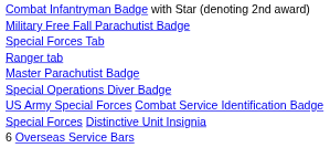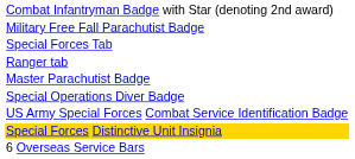 <table>
 <tr>
 <td> <a href='#'>Combat Infantryman Badge</a> with Star (denoting 2nd award)</td>
 </tr>
 <tr>
 <td> <a href='#'>Military Free Fall Parachutist Badge</a></td>
 </tr>
 <tr>
 <td> <a href='#'>Special Forces Tab</a></td>
 </tr>
 <tr>
 <td> <a href='#'>Ranger tab</a></td>
 </tr>
 <tr>
 <td> <a href='#'>Master Parachutist Badge</a></td>
 </tr>
 <tr>
 <td> <a href='#'>Special Operations Diver Badge</a></td>
 </tr>
 <tr>
 <td> <a href='#'>US Army Special Forces</a> <a href='#'>Combat Service Identification Badge</a></td>
 </tr>
 <tr>
-<td> <a href='#'>Special Forces</a> <a href='#'>Distinctive Unit Insignia</a></td>
+<td style="background: gold;"> <a href='#'>Special Forces</a> <a href='#'>Distinctive Unit Insignia</a></td>
 </tr>
 <tr>
 <td> 6 <a href='#'>Overseas Service Bars</a></td>
 </tr>
 </table>
